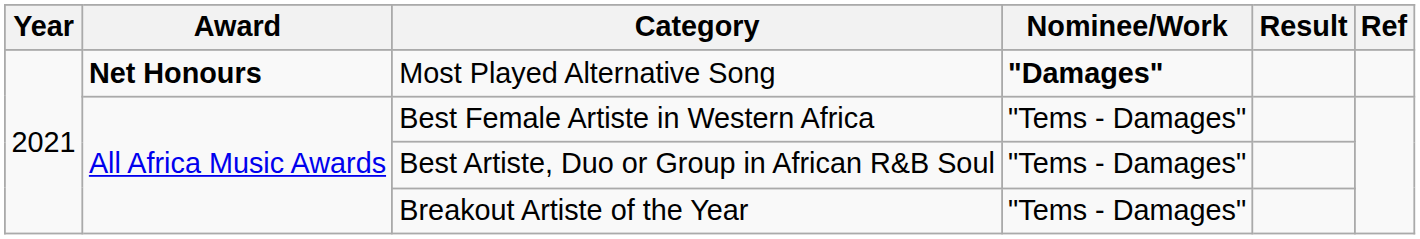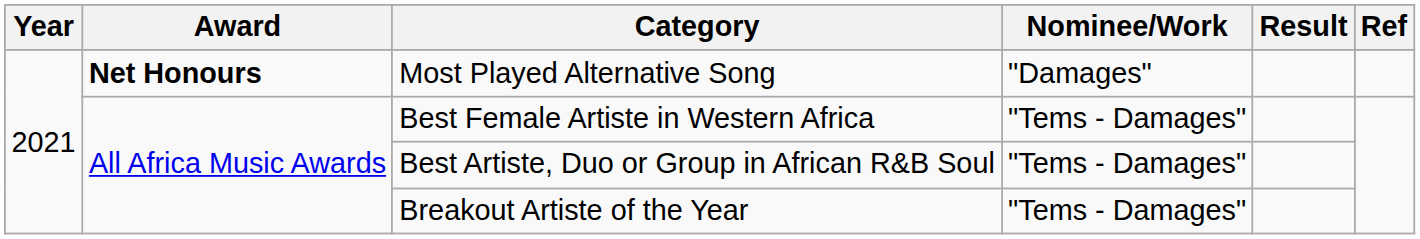 <table class="wikitable">
 <tr>
 <th>Year</th>
 <th>Award</th>
 <th>Category</th>
 <th>Nominee/Work</th>
 <th>Result</th>
 <th>Ref</th>
 </tr>
 <tr>
 <td rowspan="5">2021</td>
 <td><strong>Net Honours</strong></td>
 <td>Most Played Alternative Song</td>
-<td><strong>"Damages"</strong></td>
+<td>"Damages"</td>
 <td></td>
 <td></td>
 </tr>
 <tr>
 <td rowspan="4"><a href='#'>All Africa Music Awards</a></td>
 <td>Best Female Artiste in Western Africa</td>
 <td>"Tems - Damages"</td>
 <td></td>
 <td rowspan="4"></td>
 </tr>
 <tr>
 <td>Best Artiste, Duo or Group in African R&B Soul</td>
 <td>"Tems - Damages"</td>
 <td></td>
 </tr>
 <tr>
 <td>Breakout Artiste of the Year</td>
 <td>"Tems - Damages"</td>
 <td></td>
 </tr>
 </table>
